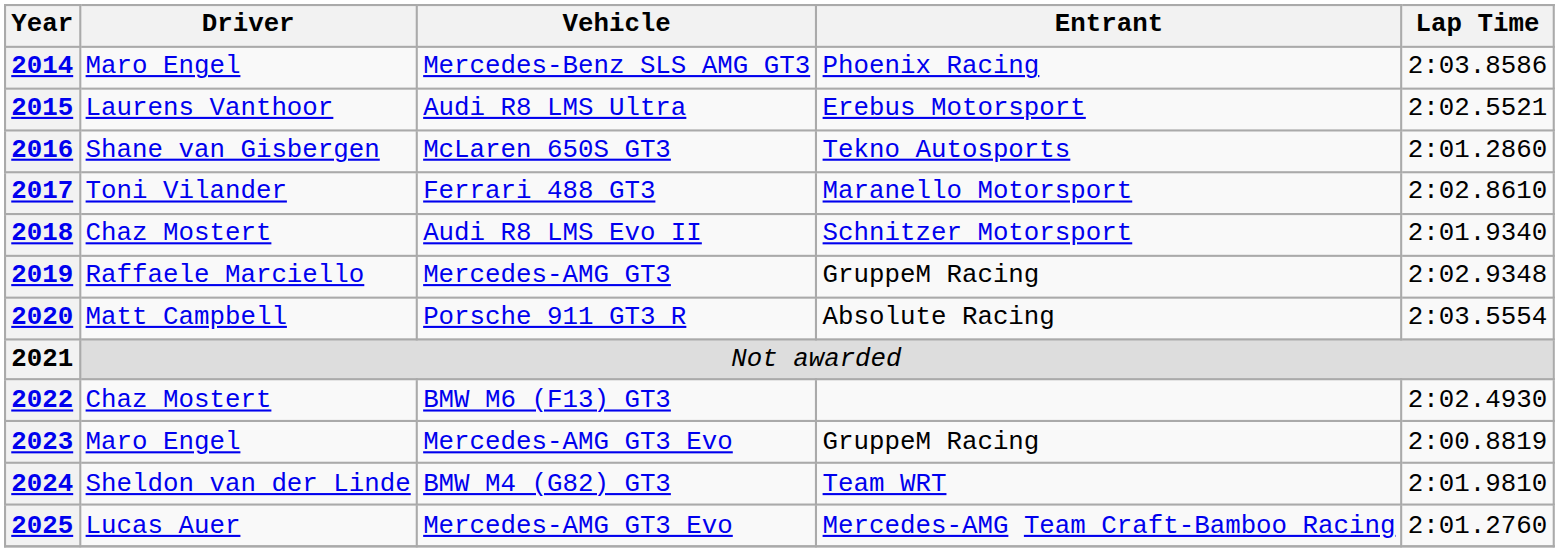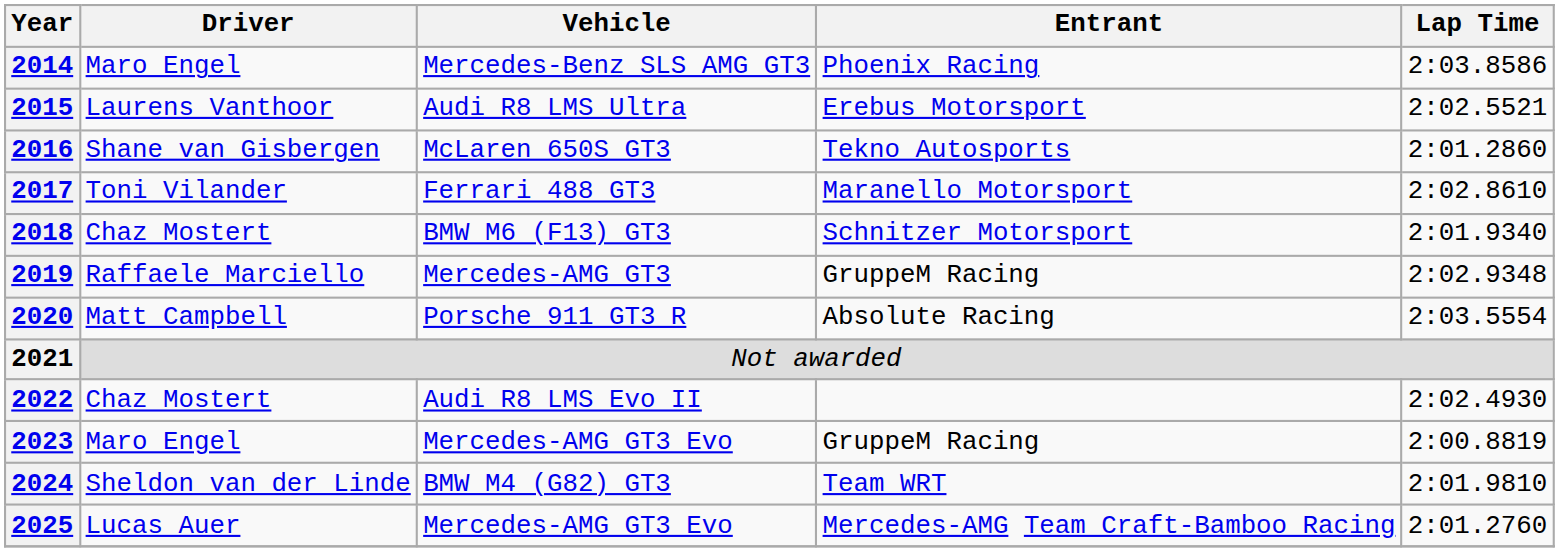 <table class="wikitable" style="font-size: 95%;">
 <tr>
 <th>Year</th>
 <th>Driver</th>
 <th>Vehicle</th>
 <th>Entrant</th>
 <th>Lap Time</th>
 </tr>
 <tr>
 <th><a href='#'>2014</a></th>
 <td> <a href='#'>Maro Engel</a></td>
 <td><a href='#'>Mercedes-Benz SLS AMG GT3</a></td>
 <td> <a href='#'>Phoenix Racing</a></td>
 <td>2:03.8586</td>
 </tr>
 <tr>
 <th><a href='#'>2015</a></th>
 <td> <a href='#'>Laurens Vanthoor</a></td>
 <td><a href='#'>Audi R8 LMS Ultra</a></td>
 <td> <a href='#'>Erebus Motorsport</a></td>
 <td>2:02.5521</td>
 </tr>
 <tr>
 <th><a href='#'>2016</a></th>
 <td> <a href='#'>Shane van Gisbergen</a></td>
 <td><a href='#'>McLaren 650S GT3</a></td>
 <td> <a href='#'>Tekno Autosports</a></td>
 <td>2:01.2860</td>
 </tr>
 <tr>
 <th><a href='#'>2017</a></th>
 <td> <a href='#'>Toni Vilander</a></td>
 <td><a href='#'>Ferrari 488 GT3</a></td>
 <td> <a href='#'>Maranello Motorsport</a></td>
 <td>2:02.8610</td>
 </tr>
 <tr>
 <th><a href='#'>2018</a></th>
 <td> <a href='#'>Chaz Mostert</a></td>
-<td><a href='#'>Audi R8 LMS Evo II</a></td>
+<td><a href='#'>BMW M6 (F13) GT3</a></td>
 <td> <a href='#'>Schnitzer Motorsport</a></td>
 <td>2:01.9340</td>
 </tr>
 <tr>
 <th><a href='#'>2019</a></th>
 <td> <a href='#'>Raffaele Marciello</a></td>
 <td><a href='#'>Mercedes-AMG GT3</a></td>
 <td> GruppeM Racing</td>
 <td>2:02.9348</td>
 </tr>
 <tr>
 <th><a href='#'>2020</a></th>
 <td> <a href='#'>Matt Campbell</a></td>
 <td><a href='#'>Porsche 911 GT3 R</a></td>
 <td> Absolute Racing</td>
 <td>2:03.5554</td>
 </tr>
 <tr style="background:#dddddd">
 <th>2021</th>
 <td align=center colspan=4><em>Not awarded</em></td>
 </tr>
 <tr>
 <th><a href='#'>2022</a></th>
 <td> <a href='#'>Chaz Mostert</a></td>
-<td><a href='#'>BMW M6 (F13) GT3</a></td>
+<td><a href='#'>Audi R8 LMS Evo II</a></td>
 <td></td>
 <td>2:02.4930</td>
 </tr>
 <tr>
 <th><a href='#'>2023</a></th>
 <td> <a href='#'>Maro Engel</a></td>
 <td><a href='#'>Mercedes-AMG GT3 Evo</a></td>
 <td> GruppeM Racing</td>
 <td>2:00.8819</td>
 </tr>
 <tr>
 <th><a href='#'>2024</a></th>
 <td> <a href='#'>Sheldon van der Linde</a></td>
 <td><a href='#'>BMW M4 (G82) GT3</a></td>
 <td> <a href='#'>Team WRT</a></td>
 <td>2:01.9810</td>
 </tr>
 <tr>
 <th><a href='#'>2025</a></th>
 <td> <a href='#'>Lucas Auer</a></td>
 <td><a href='#'>Mercedes-AMG GT3 Evo</a></td>
 <td> <a href='#'>Mercedes-AMG</a> <a href='#'>Team Craft-Bamboo Racing</a></td>
 <td>2:01.2760</td>
 </tr>
 <tr>
 </tr>
 </table>
